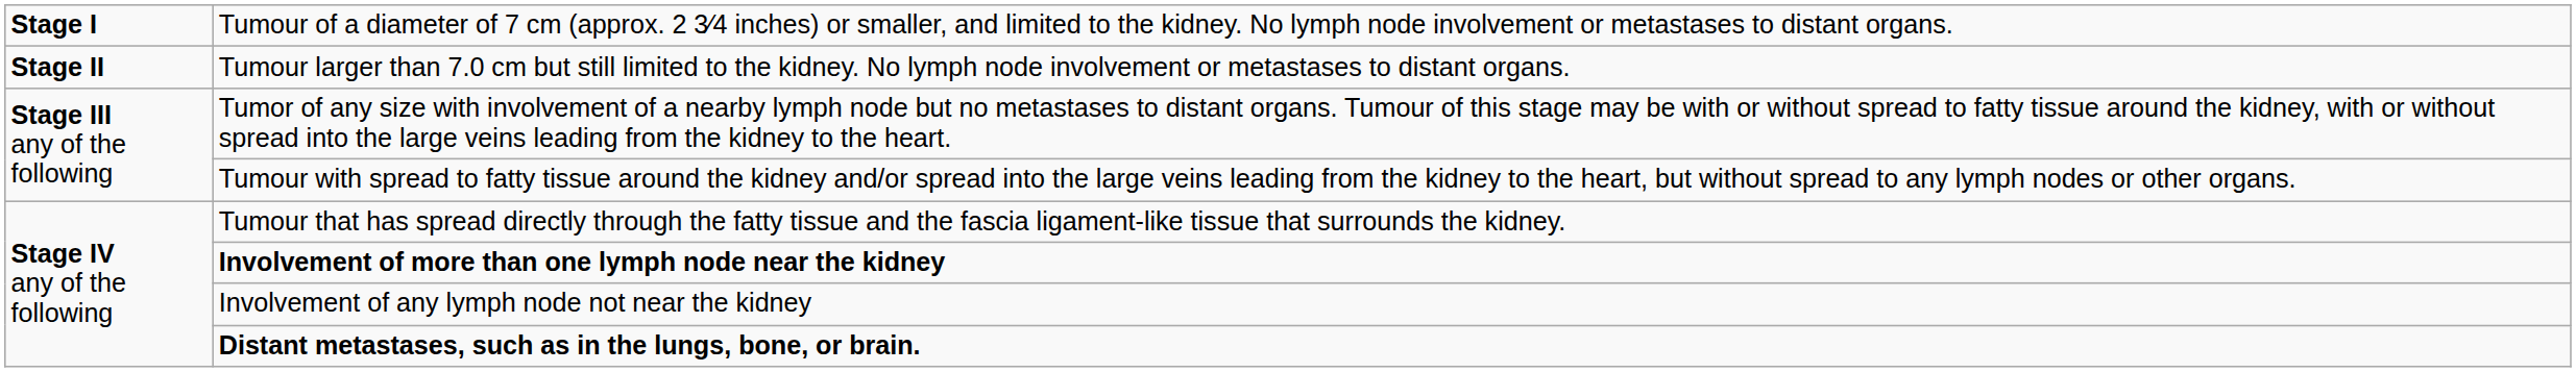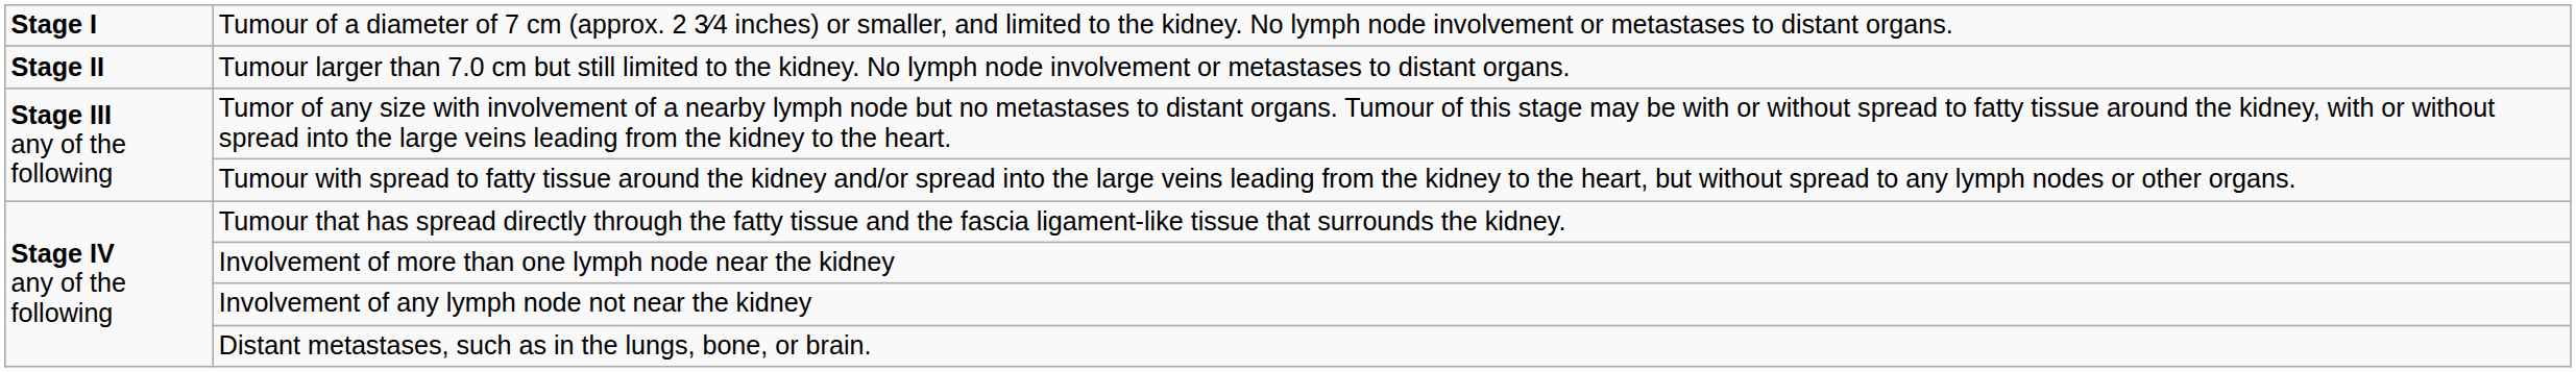 <table class="wikitable">
 <tr>
 <td><strong>Stage I</strong></td>
 <td>Tumour of a diameter of 7 cm (approx. 2 3⁄4 inches) or smaller, and limited to the kidney. No lymph node involvement or metastases to distant organs.</td>
 </tr>
 <tr>
 <td><strong>Stage II</strong></td>
 <td>Tumour larger than 7.0 cm but still limited to the kidney. No lymph node involvement or metastases to distant organs.</td>
 </tr>
 <tr>
 <td rowspan=2><strong>Stage III</strong> <br> any of the following</td>
 <td>Tumor of any size with involvement of a nearby lymph node but no metastases to distant organs. Tumour of this stage may be with or without spread to fatty tissue around the kidney, with or without spread into the large veins leading from the kidney to the heart.</td>
 </tr>
 <tr>
 <td>Tumour with spread to fatty tissue around the kidney and/or spread into the large veins leading from the kidney to the heart, but without spread to any lymph nodes or other organs.</td>
 </tr>
 <tr>
 <td rowspan=4><strong>Stage IV</strong> <br> any of the following</td>
 <td>Tumour that has spread directly through the fatty tissue and the fascia ligament-like tissue that surrounds the kidney.</td>
 </tr>
 <tr>
-<td><strong>Involvement of more than one lymph node near the kidney</strong></td>
+<td>Involvement of more than one lymph node near the kidney</td>
 </tr>
 <tr>
 <td>Involvement of any lymph node not near the kidney</td>
 </tr>
 <tr>
-<td><strong>Distant metastases, such as in the lungs, bone, or brain.</strong></td>
+<td>Distant metastases, such as in the lungs, bone, or brain.</td>
 </tr>
 </table>
